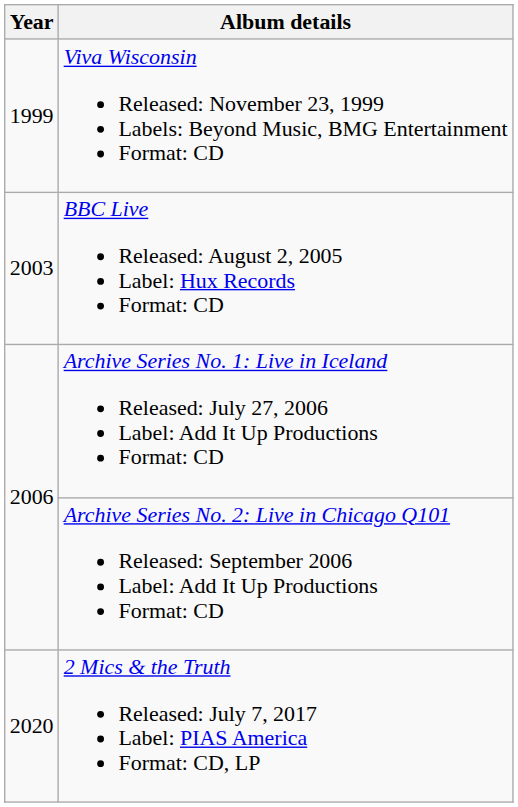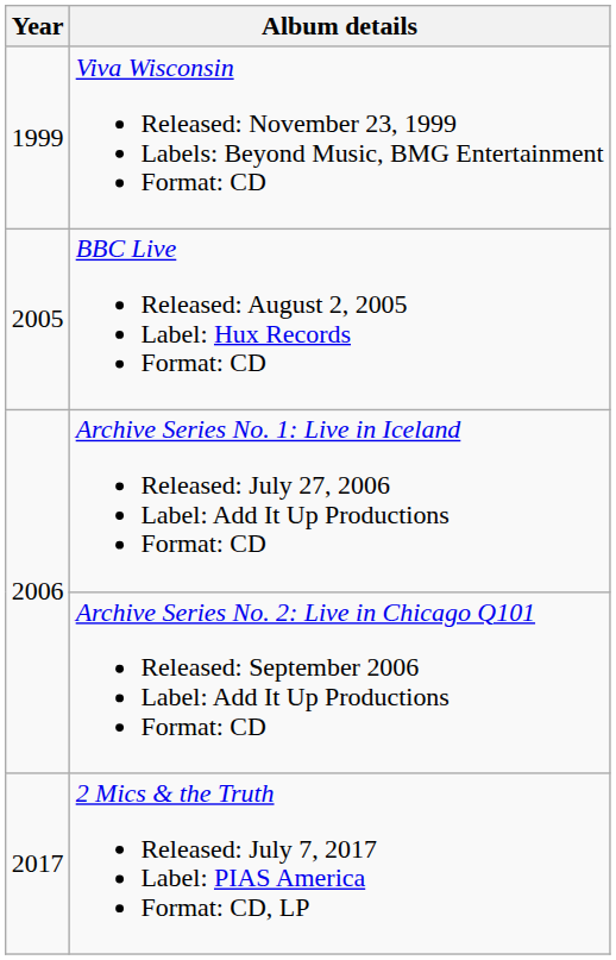 <table class="wikitable">
 <tr>
 <th>Year</th>
 <th>Album details</th>
 </tr>
 <tr>
 <td>1999</td>
 <td><em><a href='#'>Viva Wisconsin</a></em><br><ul><li>Released: November 23, 1999</li><li>Labels: Beyond Music, BMG Entertainment </li><li>Format: CD</li></ul></td>
 </tr>
 <tr>
-<td>2003</td>
+<td>2005</td>
 <td><em><a href='#'>BBC Live</a></em><br><ul><li>Released: August 2, 2005</li><li>Label: <a href='#'>Hux Records</a> </li><li>Format: CD</li></ul></td>
 </tr>
 <tr>
 <td rowspan="2">2006</td>
 <td><em><a href='#'>Archive Series No. 1: Live in Iceland</a></em><br><ul><li>Released: July 27, 2006</li><li>Label: Add It Up Productions </li><li>Format: CD</li></ul></td>
 </tr>
 <tr>
 <td><em><a href='#'>Archive Series No. 2: Live in Chicago Q101</a></em><br><ul><li>Released: September 2006</li><li>Label: Add It Up Productions </li><li>Format: CD</li></ul></td>
 </tr>
 <tr>
-<td>2020</td>
+<td>2017</td>
 <td><em><a href='#'>2 Mics & the Truth</a></em><br><ul><li>Released: July 7, 2017</li><li>Label: <a href='#'>PIAS America</a> </li><li>Format: CD, LP</li></ul></td>
 </tr>
 </table>
